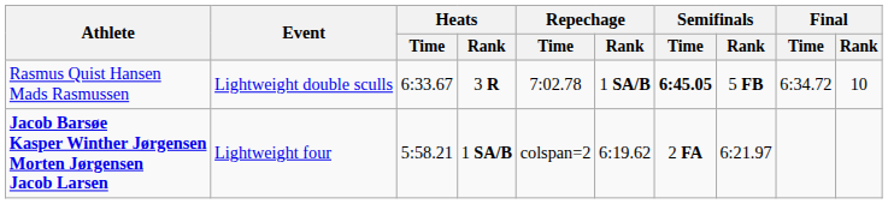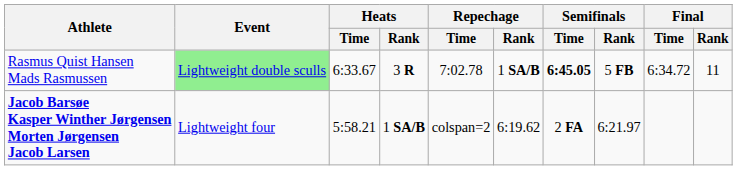 <table class="wikitable" style="font-size:90%">
 <tr>
 <th rowspan="2">Athlete</th>
 <th rowspan="2">Event</th>
 <th colspan="2">Heats</th>
 <th colspan="2">Repechage</th>
 <th colspan="2">Semifinals</th>
 <th colspan="2">Final</th>
 </tr>
 <tr style="font-size:95%">
 <th>Time</th>
 <th>Rank</th>
 <th>Time</th>
 <th>Rank</th>
 <th>Time</th>
 <th>Rank</th>
 <th>Time</th>
 <th>Rank</th>
 </tr>
 <tr align=center>
 <td align=left><a href='#'>Rasmus Quist Hansen</a><br><a href='#'>Mads Rasmussen</a></td>
-<td align=left><a href='#'>Lightweight double sculls</a></td>
+<td align=left style="background: lightgreen;"><a href='#'>Lightweight double sculls</a></td>
 <td>6:33.67</td>
 <td>3 <strong>R</strong></td>
 <td>7:02.78</td>
 <td>1 <strong>SA/B</strong></td>
 <td><strong>6:45.05</strong></td>
 <td>5 <strong>FB</strong></td>
 <td>6:34.72</td>
-<td>10</td>
+<td>11</td>
 </tr>
 <tr align=center>
 <td align=left><strong><a href='#'>Jacob Barsøe</a><br><a href='#'>Kasper Winther Jørgensen</a><br><a href='#'>Morten Jørgensen</a><br><a href='#'>Jacob Larsen</a></strong></td>
 <td align=left><a href='#'>Lightweight four</a></td>
 <td>5:58.21</td>
 <td>1 <strong>SA/B</strong></td>
 <td>colspan=2 </td>
 <td>6:19.62</td>
 <td>2 <strong>FA</strong></td>
 <td>6:21.97</td>
 <td></td>
 </tr>
 </table>
